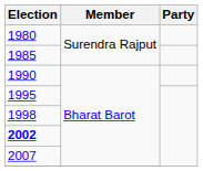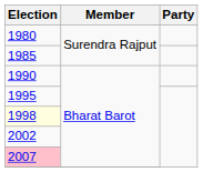 <table class="wikitable sortable">
 <tr>
 <th>Election</th>
 <th>Member</th>
 <th colspan=2>Party</th>
 </tr>
 <tr>
 <td><a href='#'>1980</a></td>
 <td rowspan=2>Surendra Rajput</td>
 <td></td>
 </tr>
 <tr>
 <td><a href='#'>1985</a></td>
 <td></td>
 </tr>
 <tr>
 <td><a href='#'>1990</a></td>
 <td rowspan=5><a href='#'>Bharat Barot</a></td>
 <td></td>
 </tr>
 <tr>
 <td><a href='#'>1995</a></td>
 </tr>
 <tr>
-<td><a href='#'>1998</a></td>
+<td style="background: lightyellow;"><a href='#'>1998</a></td>
 </tr>
 <tr>
-<td><strong><a href='#'>2002</a></strong></td>
+<td><a href='#'>2002</a></td>
 </tr>
 <tr>
-<td><a href='#'>2007</a></td>
+<td style="background: pink;"><a href='#'>2007</a></td>
 </tr>
 <tr>
 </tr>
 </table>
